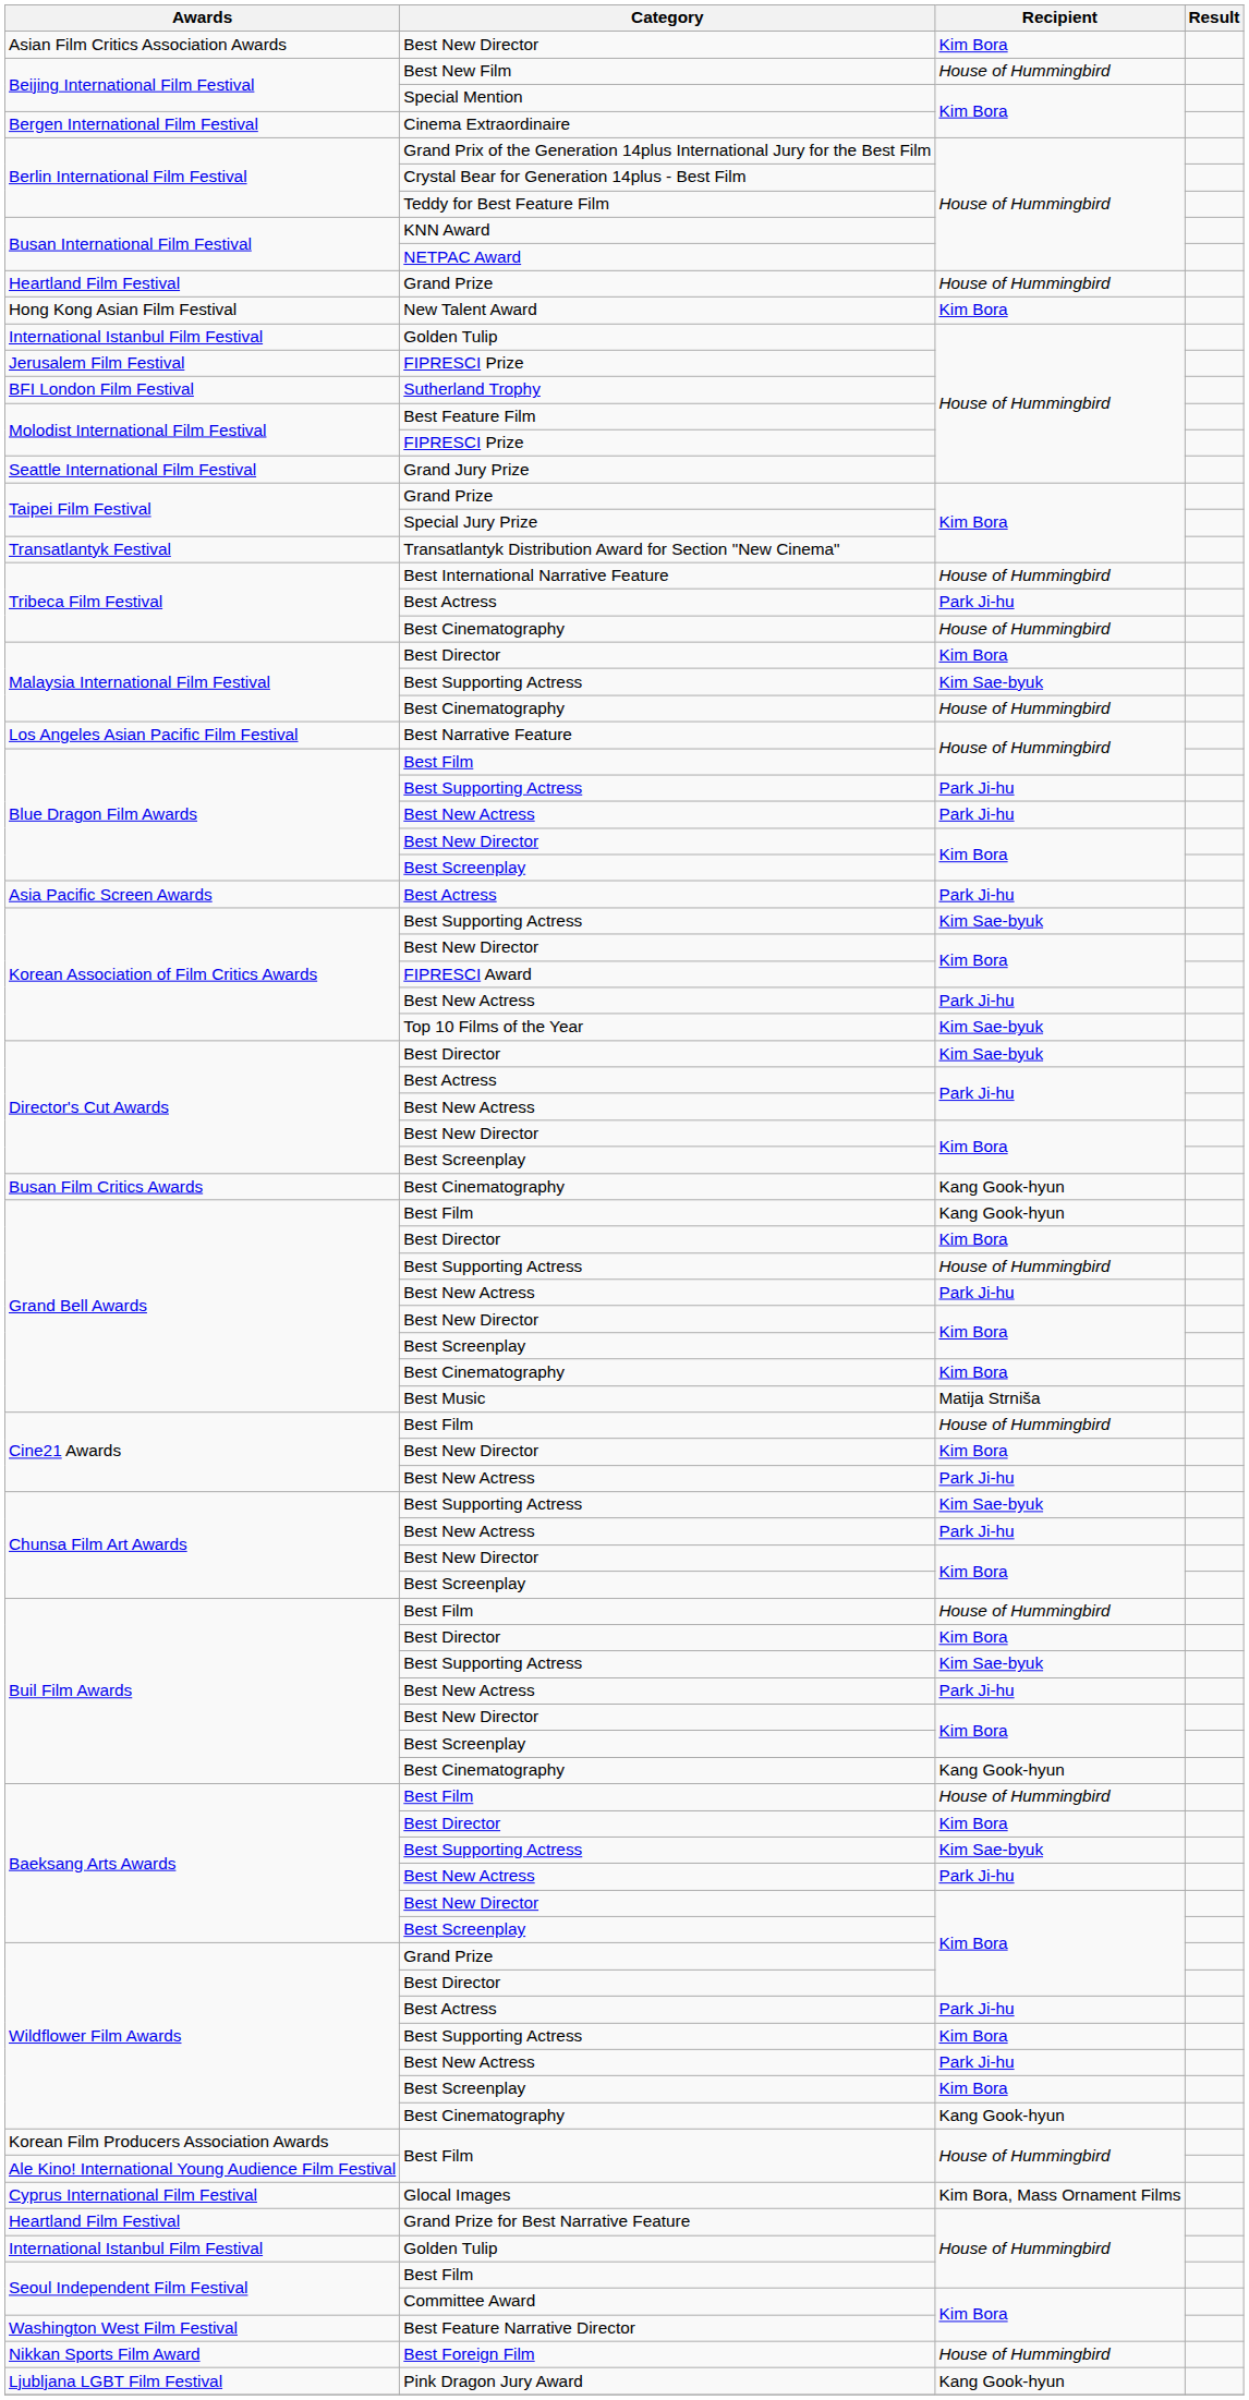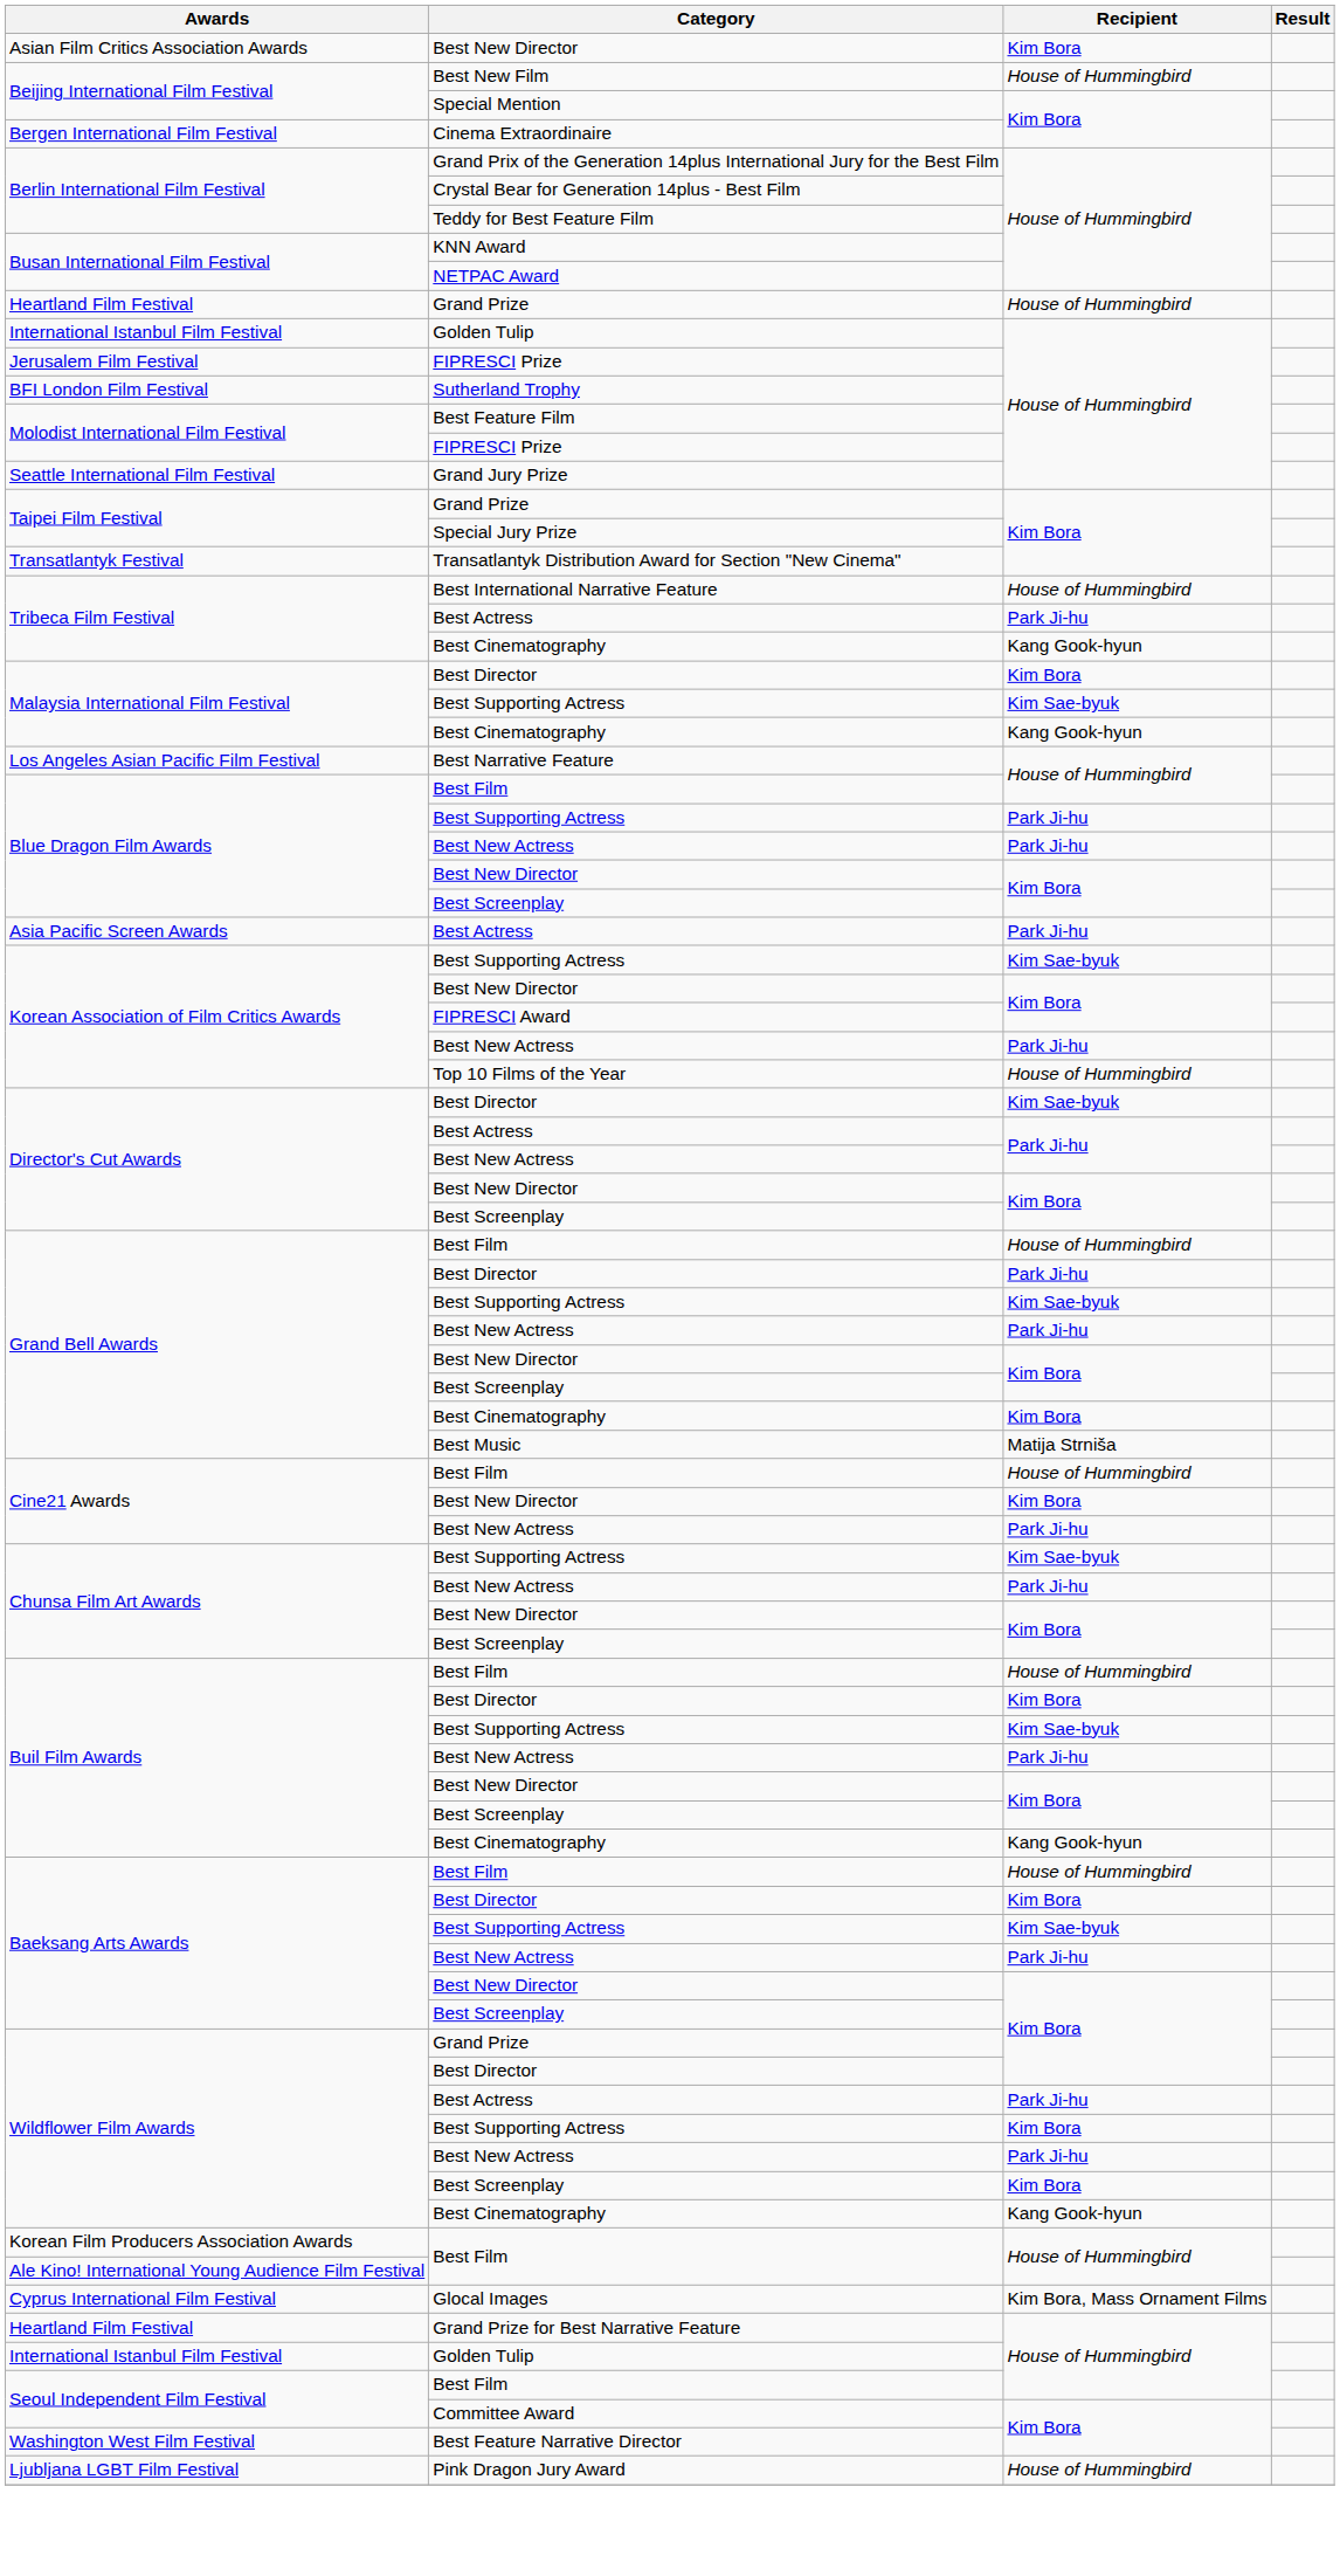 <table class="wikitable sortable">
 <tr>
 <th>Awards</th>
 <th>Category</th>
 <th>Recipient</th>
 <th>Result</th>
 </tr>
 <tr>
 <td>Asian Film Critics Association Awards</td>
 <td>Best New Director</td>
 <td><a href='#'>Kim Bora</a></td>
 <td></td>
 </tr>
 <tr>
 <td rowspan="2"><a href='#'>Beijing International Film Festival</a></td>
 <td>Best New Film</td>
 <td><em>House of Hummingbird</em></td>
 <td></td>
 </tr>
 <tr>
 <td>Special Mention</td>
 <td rowspan="2"><a href='#'>Kim Bora</a></td>
 <td></td>
 </tr>
 <tr>
 <td><a href='#'>Bergen International Film Festival</a></td>
 <td>Cinema Extraordinaire</td>
 <td></td>
 </tr>
 <tr>
 <td rowspan=3><a href='#'>Berlin International Film Festival</a></td>
 <td>Grand Prix of the Generation 14plus International Jury for the Best Film</td>
 <td rowspan=5><em>House of Hummingbird</em></td>
 <td></td>
 </tr>
 <tr>
 <td>Crystal Bear for Generation 14plus - Best Film</td>
 <td></td>
 </tr>
 <tr>
 <td>Teddy for Best Feature Film</td>
 <td></td>
 </tr>
 <tr>
 <td rowspan=2><a href='#'>Busan International Film Festival</a></td>
 <td>KNN Award</td>
 <td></td>
 </tr>
 <tr>
 <td><a href='#'>NETPAC Award</a></td>
 <td></td>
 </tr>
 <tr>
 <td><a href='#'>Heartland Film Festival</a></td>
 <td>Grand Prize</td>
 <td><em>House of Hummingbird</em></td>
-<td></td>
-</tr>
-<tr>
-<td>Hong Kong Asian Film Festival</td>
-<td>New Talent Award</td>
-<td><a href='#'>Kim Bora</a></td>
 <td></td>
 </tr>
 <tr>
 <td><a href='#'>International Istanbul Film Festival</a></td>
 <td>Golden Tulip</td>
 <td rowspan="6"><em>House of Hummingbird</em></td>
 <td></td>
 </tr>
 <tr>
 <td><a href='#'>Jerusalem Film Festival</a></td>
 <td><a href='#'>FIPRESCI</a> Prize</td>
 <td></td>
 </tr>
 <tr>
 <td><a href='#'>BFI London Film Festival</a></td>
 <td><a href='#'>Sutherland Trophy</a></td>
 <td></td>
 </tr>
 <tr>
 <td rowspan=2><a href='#'>Molodist International Film Festival</a></td>
 <td>Best Feature Film</td>
 <td></td>
 </tr>
 <tr>
 <td><a href='#'>FIPRESCI</a> Prize</td>
 <td></td>
 </tr>
 <tr>
 <td><a href='#'>Seattle International Film Festival</a></td>
 <td>Grand Jury Prize</td>
 <td></td>
 </tr>
 <tr>
 <td rowspan="2"><a href='#'>Taipei Film Festival</a></td>
 <td>Grand Prize</td>
 <td rowspan="3"><a href='#'>Kim Bora</a></td>
 <td></td>
 </tr>
 <tr>
 <td>Special Jury Prize</td>
 <td></td>
 </tr>
 <tr>
 <td><a href='#'>Transatlantyk Festival</a></td>
 <td>Transatlantyk Distribution Award for Section "New Cinema"</td>
 <td></td>
 </tr>
 <tr>
 <td rowspan=3><a href='#'>Tribeca Film Festival</a></td>
 <td>Best International Narrative Feature</td>
 <td><em>House of Hummingbird</em></td>
 <td></td>
 </tr>
 <tr>
 <td>Best Actress</td>
 <td><a href='#'>Park Ji-hu</a></td>
 <td></td>
 </tr>
 <tr>
 <td>Best Cinematography</td>
-<td><em>House of Hummingbird</em></td>
+<td>Kang Gook-hyun</td>
 <td></td>
 </tr>
 <tr>
 <td rowspan=3><a href='#'>Malaysia International Film Festival</a></td>
 <td>Best Director</td>
 <td><a href='#'>Kim Bora</a></td>
 <td></td>
 </tr>
 <tr>
 <td>Best Supporting Actress</td>
 <td><a href='#'>Kim Sae-byuk</a></td>
 <td></td>
 </tr>
 <tr>
 <td>Best Cinematography</td>
-<td><em>House of Hummingbird</em></td>
+<td>Kang Gook-hyun</td>
 <td></td>
 </tr>
 <tr>
 <td><a href='#'>Los Angeles Asian Pacific Film Festival</a></td>
 <td>Best Narrative Feature</td>
 <td rowspan=2><em>House of Hummingbird</em></td>
 <td></td>
 </tr>
 <tr>
 <td rowspan=5><a href='#'>Blue Dragon Film Awards</a></td>
 <td><a href='#'>Best Film</a></td>
 <td></td>
 </tr>
 <tr>
 <td><a href='#'>Best Supporting Actress</a></td>
 <td><a href='#'>Park Ji-hu</a></td>
 <td></td>
 </tr>
 <tr>
 <td><a href='#'>Best New Actress</a></td>
 <td><a href='#'>Park Ji-hu</a></td>
 <td></td>
 </tr>
 <tr>
 <td><a href='#'>Best New Director</a></td>
 <td rowspan="2"><a href='#'>Kim Bora</a></td>
 <td></td>
 </tr>
 <tr>
 <td><a href='#'>Best Screenplay</a></td>
 <td></td>
 </tr>
 <tr>
 <td><a href='#'>Asia Pacific Screen Awards</a></td>
 <td><a href='#'>Best Actress</a></td>
 <td><a href='#'>Park Ji-hu</a></td>
 <td></td>
 </tr>
 <tr>
 <td rowspan=5><a href='#'>Korean Association of Film Critics Awards</a></td>
 <td>Best Supporting Actress</td>
 <td><a href='#'>Kim Sae-byuk</a></td>
 <td></td>
 </tr>
 <tr>
 <td>Best New Director</td>
 <td rowspan=2><a href='#'>Kim Bora</a></td>
 <td></td>
 </tr>
 <tr>
 <td><a href='#'>FIPRESCI</a> Award</td>
 <td></td>
 </tr>
 <tr>
 <td>Best New Actress</td>
 <td><a href='#'>Park Ji-hu</a></td>
 <td></td>
 </tr>
 <tr>
 <td>Top 10 Films of the Year</td>
-<td><a href='#'>Kim Sae-byuk</a></td>
+<td><em>House of Hummingbird</em></td>
 <td></td>
 </tr>
 <tr>
 <td rowspan="5"><a href='#'>Director's Cut Awards</a></td>
 <td>Best Director</td>
 <td><a href='#'>Kim Sae-byuk</a></td>
 <td></td>
 </tr>
 <tr>
 <td>Best Actress</td>
 <td rowspan="2"><a href='#'>Park Ji-hu</a></td>
 <td></td>
 </tr>
 <tr>
 <td>Best New Actress</td>
 <td></td>
 </tr>
 <tr>
 <td>Best New Director</td>
 <td rowspan="2"><a href='#'>Kim Bora</a></td>
 <td></td>
 </tr>
 <tr>
 <td>Best Screenplay</td>
 <td></td>
 </tr>
 <tr>
-<td><a href='#'>Busan Film Critics Awards</a></td>
-<td>Best Cinematography</td>
-<td>Kang Gook-hyun</td>
-<td></td>
-</tr>
-<tr>
 <td rowspan=8><a href='#'>Grand Bell Awards</a></td>
 <td>Best Film</td>
-<td>Kang Gook-hyun</td>
+<td><em>House of Hummingbird</em></td>
 <td></td>
 </tr>
 <tr>
 <td>Best Director</td>
-<td><a href='#'>Kim Bora</a></td>
+<td><a href='#'>Park Ji-hu</a></td>
 <td></td>
 </tr>
 <tr>
 <td>Best Supporting Actress</td>
-<td><em>House of Hummingbird</em></td>
+<td><a href='#'>Kim Sae-byuk</a></td>
 <td></td>
 </tr>
 <tr>
 <td>Best New Actress</td>
 <td><a href='#'>Park Ji-hu</a></td>
 <td></td>
 </tr>
 <tr>
 <td>Best New Director</td>
 <td rowspan=2><a href='#'>Kim Bora</a></td>
 <td></td>
 </tr>
 <tr>
 <td>Best Screenplay</td>
 <td></td>
 </tr>
 <tr>
 <td>Best Cinematography</td>
 <td><a href='#'>Kim Bora</a></td>
 <td></td>
 </tr>
 <tr>
 <td>Best Music</td>
 <td>Matija Strniša</td>
 <td></td>
 </tr>
 <tr>
 <td rowspan=3><a href='#'>Cine21</a> Awards</td>
 <td>Best Film</td>
 <td><em>House of Hummingbird</em></td>
 <td></td>
 </tr>
 <tr>
 <td>Best New Director</td>
 <td><a href='#'>Kim Bora</a></td>
 <td></td>
 </tr>
 <tr>
 <td>Best New Actress</td>
 <td><a href='#'>Park Ji-hu</a></td>
 <td></td>
 </tr>
 <tr>
 <td rowspan="4"><a href='#'>Chunsa Film Art Awards</a></td>
 <td>Best Supporting Actress</td>
 <td><a href='#'>Kim Sae-byuk</a></td>
 <td></td>
 </tr>
 <tr>
 <td>Best New Actress</td>
 <td><a href='#'>Park Ji-hu</a></td>
 <td></td>
 </tr>
 <tr>
 <td>Best New Director</td>
 <td rowspan="2"><a href='#'>Kim Bora</a></td>
 <td></td>
 </tr>
 <tr>
 <td>Best Screenplay</td>
 <td></td>
 </tr>
 <tr>
 <td rowspan="7"><a href='#'>Buil Film Awards</a></td>
 <td>Best Film</td>
 <td><em>House of Hummingbird</em></td>
 <td></td>
 </tr>
 <tr>
 <td>Best Director</td>
 <td><a href='#'>Kim Bora</a></td>
 <td></td>
 </tr>
 <tr>
 <td>Best Supporting Actress</td>
 <td><a href='#'>Kim Sae-byuk</a></td>
 <td></td>
 </tr>
 <tr>
 <td>Best New Actress</td>
 <td><a href='#'>Park Ji-hu</a></td>
 <td></td>
 </tr>
 <tr>
 <td>Best New Director</td>
 <td rowspan="2"><a href='#'>Kim Bora</a></td>
 <td></td>
 </tr>
 <tr>
 <td>Best Screenplay</td>
 <td></td>
 </tr>
 <tr>
 <td>Best Cinematography</td>
 <td>Kang Gook-hyun</td>
 <td></td>
 </tr>
 <tr>
 <td rowspan="6"><a href='#'>Baeksang Arts Awards</a></td>
 <td><a href='#'>Best Film</a></td>
 <td><em>House of Hummingbird</em></td>
 <td></td>
 </tr>
 <tr>
 <td><a href='#'>Best Director</a></td>
 <td><a href='#'>Kim Bora</a></td>
 <td></td>
 </tr>
 <tr>
 <td><a href='#'>Best Supporting Actress</a></td>
 <td><a href='#'>Kim Sae-byuk</a></td>
 <td></td>
 </tr>
 <tr>
 <td><a href='#'>Best New Actress</a></td>
 <td><a href='#'>Park Ji-hu</a></td>
 <td></td>
 </tr>
 <tr>
 <td><a href='#'>Best New Director</a></td>
 <td rowspan="4"><a href='#'>Kim Bora</a></td>
 <td></td>
 </tr>
 <tr>
 <td><a href='#'>Best Screenplay</a></td>
 <td></td>
 </tr>
 <tr>
 <td rowspan="7"><a href='#'>Wildflower Film Awards</a></td>
 <td>Grand Prize</td>
 <td></td>
 </tr>
 <tr>
 <td>Best Director</td>
 <td></td>
 </tr>
 <tr>
 <td>Best Actress</td>
 <td><a href='#'>Park Ji-hu</a></td>
 <td></td>
 </tr>
 <tr>
 <td>Best Supporting Actress</td>
 <td><a href='#'>Kim Bora</a></td>
 <td></td>
 </tr>
 <tr>
 <td>Best New Actress</td>
 <td><a href='#'>Park Ji-hu</a></td>
 <td></td>
 </tr>
 <tr>
 <td>Best Screenplay</td>
 <td><a href='#'>Kim Bora</a></td>
 <td></td>
 </tr>
 <tr>
 <td>Best Cinematography</td>
 <td>Kang Gook-hyun</td>
 <td></td>
 </tr>
 <tr>
 <td>Korean Film Producers Association Awards</td>
 <td rowspan="2">Best Film</td>
 <td rowspan="2"><em>House of Hummingbird</em></td>
 <td></td>
 </tr>
 <tr>
 <td><a href='#'>Ale Kino! International Young Audience Film Festival</a></td>
 <td></td>
 </tr>
 <tr>
 <td><a href='#'>Cyprus International Film Festival</a></td>
 <td>Glocal Images</td>
 <td>Kim Bora, Mass Ornament Films</td>
 <td></td>
 </tr>
 <tr>
 <td><a href='#'>Heartland Film Festival</a></td>
 <td>Grand Prize for Best Narrative Feature</td>
 <td rowspan="3"><em>House of Hummingbird</em></td>
 <td></td>
 </tr>
 <tr>
 <td><a href='#'>International Istanbul Film Festival</a></td>
 <td>Golden Tulip</td>
 <td></td>
 </tr>
 <tr>
 <td rowspan="2"><a href='#'>Seoul Independent Film Festival</a></td>
 <td>Best Film</td>
 <td></td>
 </tr>
 <tr>
 <td>Committee Award</td>
 <td rowspan="2"><a href='#'>Kim Bora</a></td>
 <td></td>
 </tr>
 <tr>
 <td><a href='#'>Washington West Film Festival</a></td>
 <td>Best Feature Narrative Director</td>
 <td></td>
 </tr>
 <tr>
-<td><a href='#'>Nikkan Sports Film Award</a></td>
-<td><a href='#'>Best Foreign Film</a></td>
-<td><em>House of Hummingbird</em></td>
-<td></td>
-</tr>
-<tr>
 <td><a href='#'>Ljubljana LGBT Film Festival</a></td>
 <td>Pink Dragon Jury Award</td>
-<td>Kang Gook-hyun</td>
+<td><em>House of Hummingbird</em></td>
 <td></td>
 </tr>
 <tr>
 </tr>
 </table>
